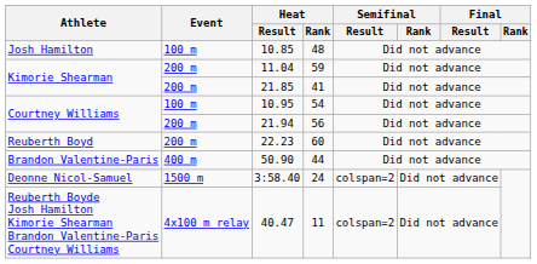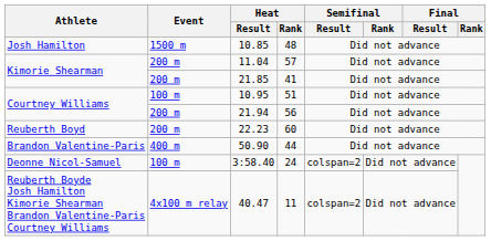 <table class="wikitable" style="font-size:90%">
 <tr>
 <th rowspan=2>Athlete</th>
 <th rowspan=2>Event</th>
 <th colspan=2>Heat</th>
 <th colspan=2>Semifinal</th>
 <th colspan=2>Final</th>
 </tr>
 <tr style="font-size:95%">
 <th>Result</th>
 <th>Rank</th>
 <th>Result</th>
 <th>Rank</th>
 <th>Result</th>
 <th>Rank</th>
 </tr>
 <tr align=center>
 <td align=left><a href='#'>Josh Hamilton</a></td>
-<td align=left><a href='#'>100 m</a></td>
+<td align=left><a href='#'>1500 m</a></td>
 <td>10.85</td>
 <td>48</td>
 <td colspan=4>Did not advance</td>
 </tr>
 <tr align=center>
 <td align=left rowspan=2><a href='#'>Kimorie Shearman</a></td>
 <td align=left><a href='#'>200 m</a></td>
 <td>11.04</td>
-<td>59</td>
+<td>57</td>
 <td colspan=4>Did not advance</td>
 </tr>
 <tr align=center>
 <td align=left><a href='#'>200 m</a></td>
 <td>21.85</td>
 <td>41</td>
 <td colspan=4>Did not advance</td>
 </tr>
 <tr align=center>
 <td align=left rowspan=2><a href='#'>Courtney Williams</a></td>
 <td align=left><a href='#'>100 m</a></td>
 <td>10.95</td>
-<td>54</td>
+<td>51</td>
 <td colspan=4>Did not advance</td>
 </tr>
 <tr align=center>
 <td align=left><a href='#'>200 m</a></td>
 <td>21.94</td>
 <td>56</td>
 <td colspan=4>Did not advance</td>
 </tr>
 <tr align=center>
 <td align=left><a href='#'>Reuberth Boyd</a></td>
 <td align=left><a href='#'>200 m</a></td>
 <td>22.23</td>
 <td>60</td>
 <td colspan=4>Did not advance</td>
 </tr>
 <tr align=center>
 <td align=left><a href='#'>Brandon Valentine-Paris</a></td>
 <td align=left><a href='#'>400 m</a></td>
 <td>50.90</td>
 <td>44</td>
 <td colspan=4>Did not advance</td>
 </tr>
 <tr align=center>
 <td align=left><a href='#'>Deonne Nicol-Samuel</a></td>
-<td align=left><a href='#'>1500 m</a></td>
+<td align=left><a href='#'>100 m</a></td>
 <td>3:58.40</td>
 <td>24</td>
 <td>colspan=2 </td>
 <td colspan=2>Did not advance</td>
 </tr>
 <tr align=center>
 <td align=left><a href='#'>Reuberth Boyde</a><br><a href='#'>Josh Hamilton</a><br><a href='#'>Kimorie Shearman</a><br><a href='#'>Brandon Valentine-Paris</a><br><a href='#'>Courtney Williams</a></td>
 <td align=left><a href='#'>4x100 m relay</a></td>
 <td>40.47</td>
 <td>11</td>
 <td>colspan=2 </td>
 <td colspan=2>Did not advance</td>
 </tr>
 </table>
